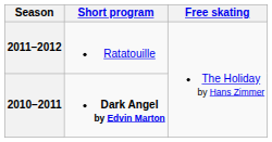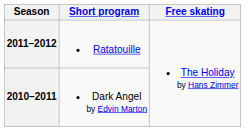 <table class="wikitable" style="text-align:center">
 <tr>
 <th>Season</th>
 <th><a href='#'>Short program</a></th>
 <th><a href='#'>Free skating</a></th>
 </tr>
 <tr>
 <th>2011–2012</th>
 <td><br><ul><li><a href='#'>Ratatouille</a></li></ul></td>
 <td rowspan=2><br><ul><li><a href='#'>The Holiday</a> <br><small> by <a href='#'>Hans Zimmer</a></small></li></ul></td>
 </tr>
 <tr>
 <th>2010–2011 <br> </th>
-<td><strong><br><ul><li>Dark Angel <br><small> by <a href='#'>Edvin Marton</a> </small></li></ul></strong></td>
+<td><br><ul><li>Dark Angel <br><small> by <a href='#'>Edvin Marton</a> </small></li></ul></td>
 </tr>
 </table>
